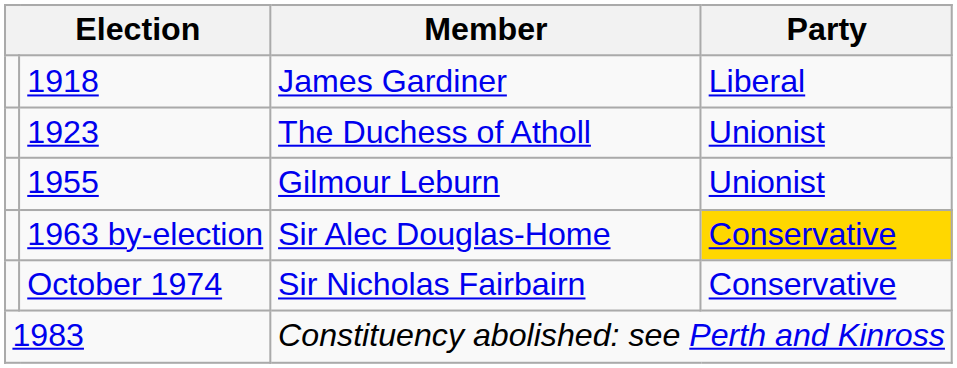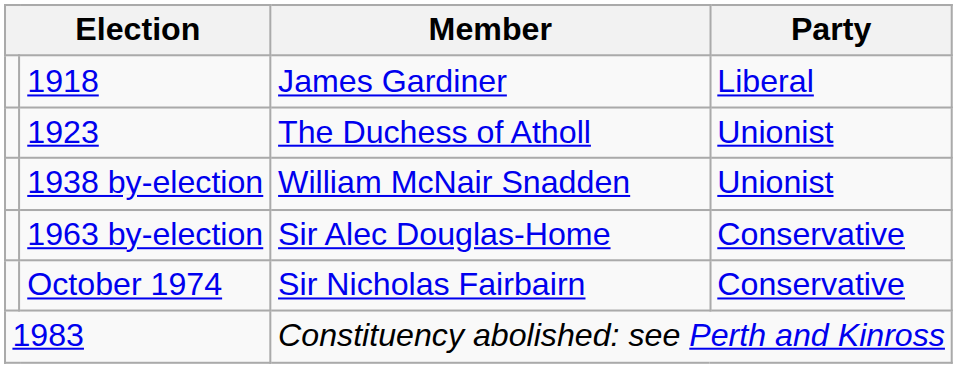 <table class="wikitable">
 <tr>
 <th colspan="2">Election</th>
 <th>Member </th>
 <th>Party</th>
 </tr>
 <tr>
 <td style="color:inherit;background-color: "></td>
 <td><a href='#'>1918</a></td>
 <td><a href='#'>James Gardiner</a></td>
 <td><a href='#'>Liberal</a></td>
 </tr>
 <tr>
 <td style="color:inherit;background-color: "></td>
 <td><a href='#'>1923</a></td>
 <td><a href='#'>The Duchess of Atholl</a></td>
 <td><a href='#'>Unionist</a></td>
 </tr>
 <tr>
 <td style="color:inherit;background-color: "></td>
-<td><a href='#'>1955</a></td>
-<td><a href='#'>Gilmour Leburn</a></td>
+<td><a href='#'>1938 by-election</a></td>
+<td><a href='#'>William McNair Snadden</a></td>
 <td><a href='#'>Unionist</a></td>
 </tr>
 <tr>
 <td style="color:inherit;background-color: "></td>
 <td><a href='#'>1963 by-election</a></td>
 <td><a href='#'>Sir Alec Douglas-Home</a></td>
-<td style="background: gold;"><a href='#'>Conservative</a></td>
+<td><a href='#'>Conservative</a></td>
 </tr>
 <tr>
 <td style="color:inherit;background-color: "></td>
 <td><a href='#'>October 1974</a></td>
 <td><a href='#'>Sir Nicholas Fairbairn</a></td>
 <td><a href='#'>Conservative</a></td>
 </tr>
 <tr>
 <td colspan="2"><a href='#'>1983</a></td>
 <td colspan="2"><em>Constituency abolished: see <a href='#'>Perth and Kinross</a></em></td>
 </tr>
 </table>
